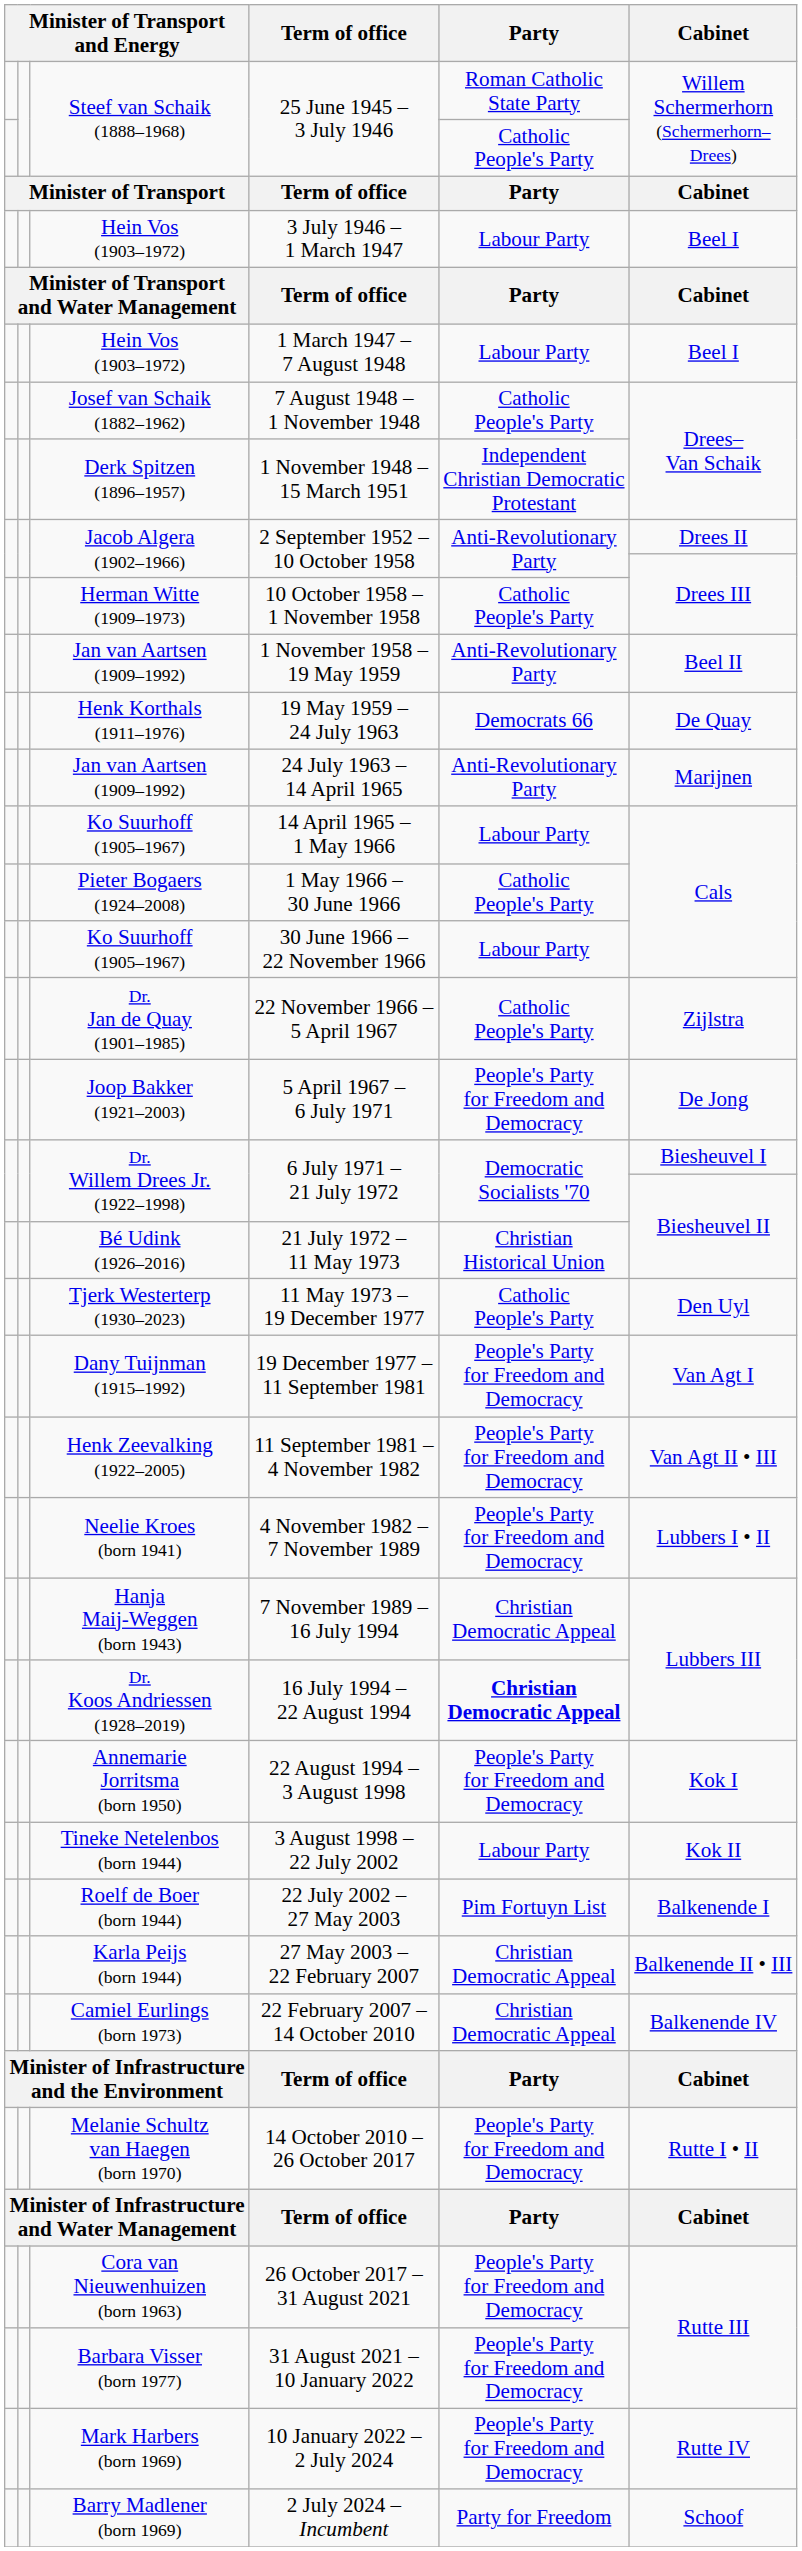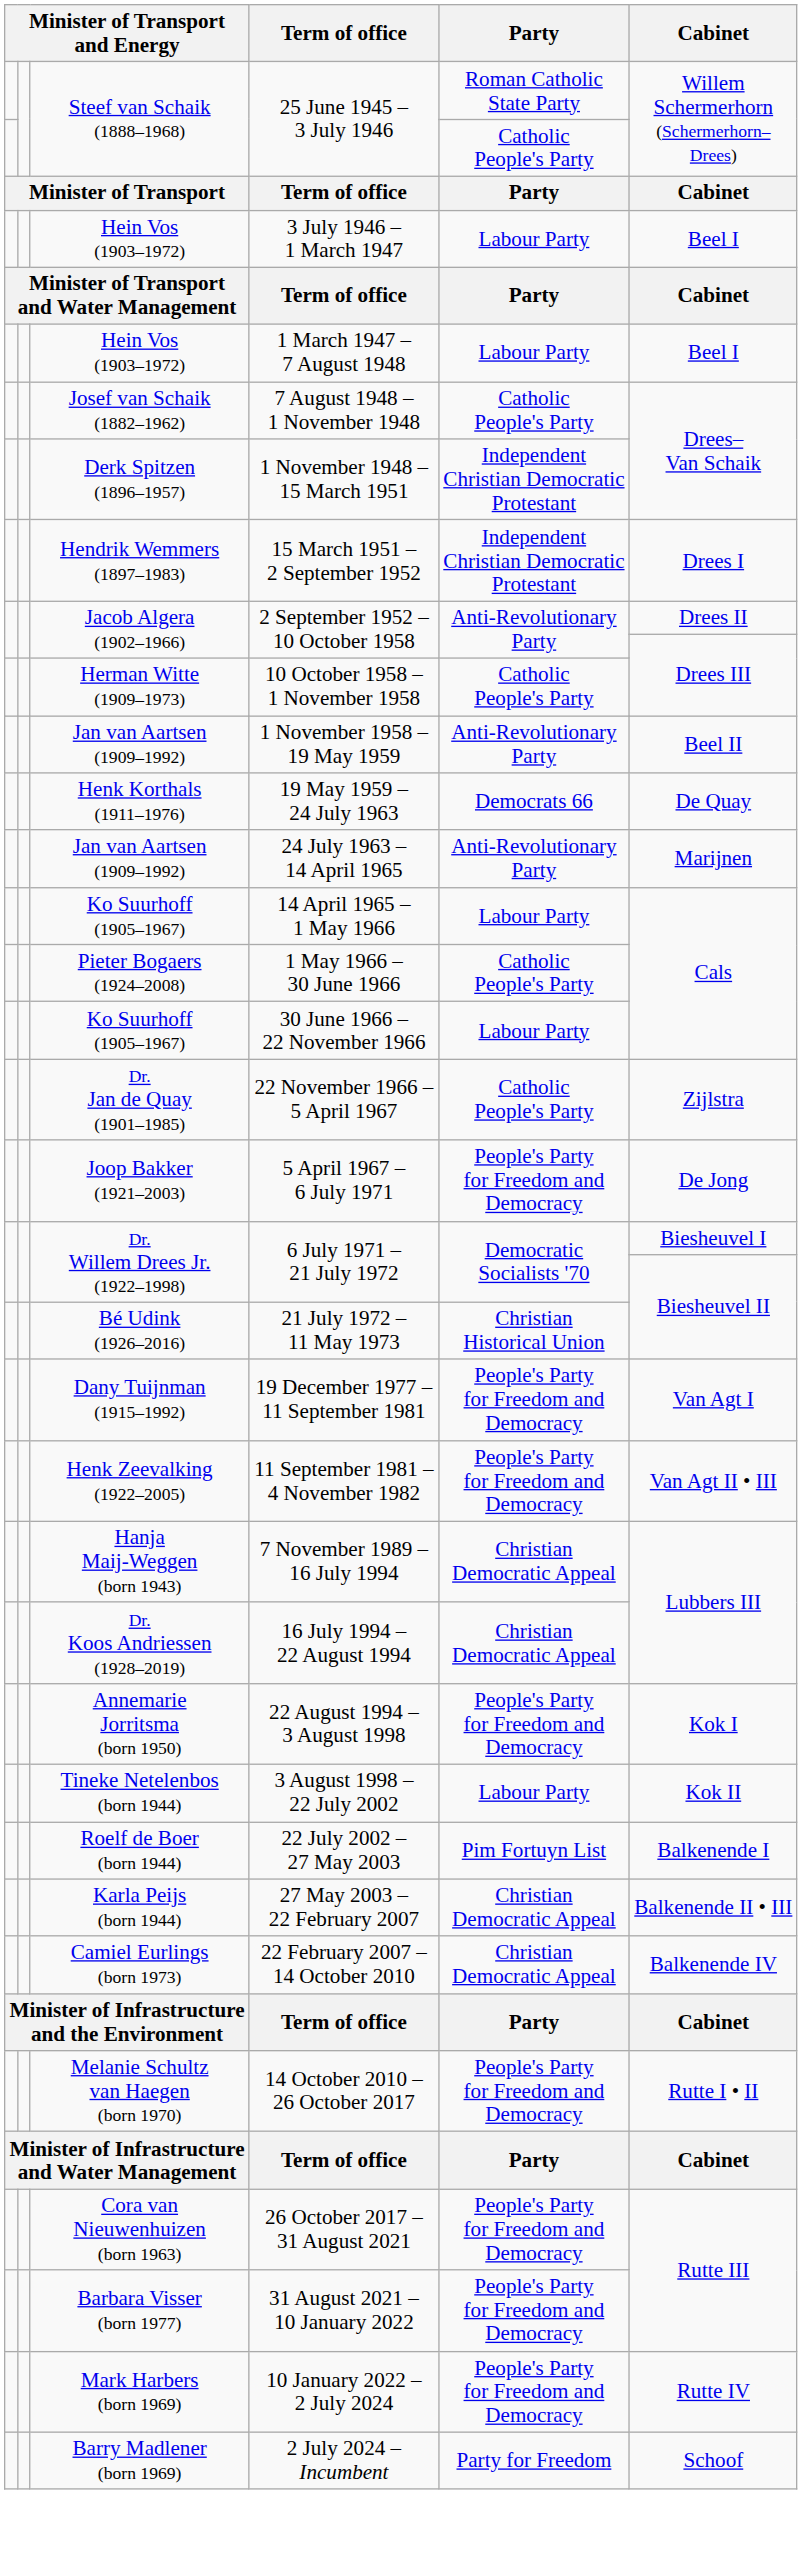 <table class="wikitable" style="text-align:center">
 <tr>
 <th colspan=3>Minister of Transport <br> and Energy</th>
 <th>Term of office</th>
 <th>Party</th>
 <th>Cabinet</th>
 </tr>
 <tr>
 <td style="background:"></td>
 <td rowspan=2></td>
 <td rowspan=2><a href='#'>Steef van Schaik</a> <br> <small>(1888–1968)</small></td>
 <td rowspan=2>25 June 1945 – <br> 3 July 1946</td>
 <td><a href='#'>Roman Catholic <br> State Party</a></td>
 <td rowspan=2><a href='#'>Willem <br> Schermerhorn</a> <br> <small>(<a href='#'>Schermerhorn–<br>Drees</a>)</small> <br></td>
 </tr>
 <tr>
 <td style="background:"></td>
 <td><a href='#'>Catholic <br> People's Party</a></td>
 </tr>
 <tr>
 <th colspan=3>Minister of Transport</th>
 <th>Term of office</th>
 <th>Party</th>
 <th>Cabinet</th>
 </tr>
 <tr>
 <td style="background:"></td>
 <td></td>
 <td><a href='#'>Hein Vos</a> <br> <small>(1903–1972)</small></td>
 <td>3 July 1946 – <br> 1 March 1947</td>
 <td><a href='#'>Labour Party</a></td>
 <td><a href='#'>Beel I</a> <br></td>
 </tr>
 <tr>
 <th colspan=3>Minister of Transport <br> and Water Management</th>
 <th>Term of office</th>
 <th>Party</th>
 <th>Cabinet</th>
 </tr>
 <tr>
 <td style="background:"></td>
 <td></td>
 <td><a href='#'>Hein Vos</a> <br> <small>(1903–1972)</small></td>
 <td>1 March 1947 – <br> 7 August 1948</td>
 <td><a href='#'>Labour Party</a></td>
 <td><a href='#'>Beel I</a> <br></td>
 </tr>
 <tr>
 <td style="background:"></td>
 <td></td>
 <td><a href='#'>Josef van Schaik</a> <br> <small>(1882–1962)</small> <br> <small></small></td>
 <td>7 August 1948 – <br> 1 November 1948 <br>  </td>
 <td><a href='#'>Catholic <br> People's Party</a></td>
 <td rowspan=2><a href='#'>Drees–<br>Van Schaik</a> <br></td>
 </tr>
 <tr>
 <td style="background:"></td>
 <td></td>
 <td><a href='#'>Derk Spitzen</a> <br> <small>(1896–1957)</small></td>
 <td>1 November 1948 – <br> 15 March 1951</td>
 <td><a href='#'>Independent</a> <br> <a href='#'>Christian Democratic <br> Protestant</a></td>
+</tr>
+<tr>
+<td style="background:"></td>
+<td></td>
+<td><a href='#'>Hendrik Wemmers</a> <br> <small>(1897–1983)</small></td>
+<td>15 March 1951 – <br> 2 September 1952</td>
+<td><a href='#'>Independent</a> <br> <a href='#'>Christian Democratic <br> Protestant</a></td>
+<td><a href='#'>Drees I</a> <br></td>
 </tr>
 <tr>
 <td rowspan=2 style="background:"></td>
 <td rowspan=2></td>
 <td rowspan=2><a href='#'>Jacob Algera</a> <br> <small>(1902–1966)</small></td>
 <td rowspan=2>2 September 1952 – <br> 10 October 1958 <br> </td>
 <td rowspan=2><a href='#'>Anti-Revolutionary <br> Party</a></td>
 <td><a href='#'>Drees II</a> <br></td>
 </tr>
 <tr>
 <td rowspan=3><a href='#'>Drees III</a> <br></td>
 </tr>
 <tr>
 <td style="background:"></td>
 <td></td>
 <td><a href='#'>Herman Witte</a> <br> <small>(1909–1973)</small></td>
 <td>10 October 1958 – <br> 1 November 1958 <br>  </td>
 <td><a href='#'>Catholic <br> People's Party</a></td>
 </tr>
 <tr>
 <td rowspan=2 style="background:"></td>
 <td rowspan=2></td>
 <td rowspan=2><a href='#'>Jan van Aartsen</a> <br> <small>(1909–1992)</small></td>
 <td rowspan=2>1 November 1958 – <br> 19 May 1959</td>
 <td rowspan=2><a href='#'>Anti-Revolutionary <br> Party</a></td>
 </tr>
 <tr>
 <td><a href='#'>Beel II</a> <br></td>
 </tr>
 <tr>
 <td style="background:"></td>
 <td></td>
 <td><a href='#'>Henk Korthals</a> <br> <small>(1911–1976)</small> <br> <small></small></td>
 <td>19 May 1959 – <br> 24 July 1963 <br> </td>
 <td><a href='#'>Democrats 66</a></td>
 <td><a href='#'>De Quay</a> <br></td>
 </tr>
 <tr>
 <td style="background:"></td>
 <td></td>
 <td><a href='#'>Jan van Aartsen</a> <br> <small>(1909–1992)</small></td>
 <td>24 July 1963 – <br> 14 April 1965</td>
 <td><a href='#'>Anti-Revolutionary <br> Party</a></td>
 <td><a href='#'>Marijnen</a> <br></td>
 </tr>
 <tr>
 <td style="background:"></td>
 <td></td>
 <td><a href='#'>Ko Suurhoff</a> <br> <small>(1905–1967)</small></td>
 <td>14 April 1965 – <br> 1 May 1966 <br> </td>
 <td><a href='#'>Labour Party</a></td>
 <td rowspan=3><a href='#'>Cals</a> <br></td>
 </tr>
 <tr>
 <td style="background:"></td>
 <td></td>
 <td><a href='#'>Pieter Bogaers</a> <br> <small>(1924–2008)</small></td>
 <td>1 May 1966 – <br> 30 June 1966 <br>  </td>
 <td><a href='#'>Catholic <br> People's Party</a></td>
 </tr>
 <tr>
 <td style="background:"></td>
 <td></td>
 <td><a href='#'>Ko Suurhoff</a> <br> <small>(1905–1967)</small></td>
 <td>30 June 1966 – <br> 22 November 1966</td>
 <td><a href='#'>Labour Party</a></td>
 </tr>
 <tr>
 <td style="background:"></td>
 <td></td>
 <td><small><a href='#'>Dr.</a></small> <br> <a href='#'>Jan de Quay</a> <br> <small>(1901–1985)</small> <br> <small></small></td>
 <td>22 November 1966 – <br> 5 April 1967</td>
 <td><a href='#'>Catholic <br> People's Party</a></td>
 <td><a href='#'>Zijlstra</a> <br></td>
 </tr>
 <tr>
 <td style="background:"></td>
 <td></td>
 <td><a href='#'>Joop Bakker</a> <br> <small>(1921–2003)</small> <br> <small></small></td>
 <td>5 April 1967 – <br> 6 July 1971 <br> </td>
 <td><a href='#'>People's Party <br> for Freedom and <br> Democracy</a></td>
 <td><a href='#'>De Jong</a> <br></td>
 </tr>
 <tr>
 <td rowspan=2 style="background:"></td>
 <td rowspan=2></td>
 <td rowspan=2><small><a href='#'>Dr.</a></small> <br> <a href='#'>Willem Drees Jr.</a> <br> <small>(1922–1998)</small></td>
 <td rowspan=2>6 July 1971 – <br> 21 July 1972 <br> </td>
 <td rowspan=2><a href='#'>Democratic <br> Socialists '70</a></td>
 <td><a href='#'>Biesheuvel I</a> <br></td>
 </tr>
 <tr>
 <td rowspan=2><a href='#'>Biesheuvel II</a> <br></td>
 </tr>
 <tr>
 <td style="background:"></td>
 <td></td>
 <td><a href='#'>Bé Udink</a> <br> <small>(1926–2016)</small></td>
 <td>21 July 1972 – <br> 11 May 1973 <br> </td>
 <td><a href='#'>Christian <br> Historical Union</a></td>
 </tr>
 <tr>
 <td style="background:"></td>
 <td></td>
-<td><a href='#'>Tjerk Westerterp</a> <br> <small>(1930–2023)</small></td>
-<td>11 May 1973 – <br> 19 December 1977</td>
-<td><a href='#'>Catholic <br> People's Party</a></td>
-<td><a href='#'>Den Uyl</a> <br></td>
-</tr>
-<tr>
-<td style="background:"></td>
-<td></td>
 <td><a href='#'>Dany Tuijnman</a> <br> <small>(1915–1992)</small></td>
 <td>19 December 1977 – <br> 11 September 1981</td>
 <td><a href='#'>People's Party <br> for Freedom and <br> Democracy</a></td>
 <td><a href='#'>Van Agt I</a> <br></td>
 </tr>
 <tr>
 <td style="background:"></td>
 <td></td>
 <td><a href='#'>Henk Zeevalking</a> <br> <small>(1922–2005)</small></td>
 <td>11 September 1981 – <br> 4 November 1982</td>
 <td><a href='#'>People's Party <br> for Freedom and <br> Democracy</a></td>
 <td><a href='#'>Van Agt II</a> • <a href='#'>III</a> <br></td>
 </tr>
 <tr>
 <td style="background:"></td>
 <td></td>
-<td><a href='#'>Neelie Kroes</a> <br> <small>(born 1941)</small></td>
-<td>4 November 1982 – <br> 7 November 1989</td>
-<td><a href='#'>People's Party <br> for Freedom and <br> Democracy</a></td>
-<td><a href='#'>Lubbers I</a> • <a href='#'>II</a> <br></td>
-</tr>
-<tr>
-<td style="background:"></td>
-<td></td>
 <td><a href='#'>Hanja <br> Maij-Weggen</a> <br> <small>(born 1943)</small></td>
 <td>7 November 1989 – <br> 16 July 1994 <br> </td>
 <td><a href='#'>Christian <br> Democratic Appeal</a></td>
 <td rowspan=2><a href='#'>Lubbers III</a> <br></td>
 </tr>
 <tr>
 <td style="background:"></td>
 <td></td>
 <td><small><a href='#'>Dr.</a></small> <br> <a href='#'>Koos Andriessen</a> <br> <small>(1928–2019)</small></td>
 <td>16 July 1994 – <br> 22 August 1994 <br>  </td>
-<td><strong><a href='#'>Christian <br> Democratic Appeal</a></strong></td>
+<td><a href='#'>Christian <br> Democratic Appeal</a></td>
 </tr>
 <tr>
 <td style="background:"></td>
 <td></td>
 <td><a href='#'>Annemarie <br> Jorritsma</a> <br> <small>(born 1950)</small></td>
 <td>22 August 1994 – <br> 3 August 1998</td>
 <td><a href='#'>People's Party <br> for Freedom and <br> Democracy</a></td>
 <td><a href='#'>Kok I</a> <br></td>
 </tr>
 <tr>
 <td style="background:"></td>
 <td></td>
 <td><a href='#'>Tineke Netelenbos</a> <br> <small>(born 1944)</small></td>
 <td>3 August 1998 – <br> 22 July 2002</td>
 <td><a href='#'>Labour Party</a></td>
 <td><a href='#'>Kok II</a> <br></td>
 </tr>
 <tr>
 <td style="background:"></td>
 <td></td>
 <td><a href='#'>Roelf de Boer</a> <br> <small>(born 1944)</small> <br> <small></small></td>
 <td>22 July 2002 – <br> 27 May 2003</td>
 <td><a href='#'>Pim Fortuyn List</a></td>
 <td><a href='#'>Balkenende I</a> <br></td>
 </tr>
 <tr>
 <td style="background:"></td>
 <td></td>
 <td><a href='#'>Karla Peijs</a> <br> <small>(born 1944)</small></td>
 <td>27 May 2003 – <br> 22 February 2007</td>
 <td><a href='#'>Christian <br> Democratic Appeal</a></td>
 <td><a href='#'>Balkenende II</a> • <a href='#'>III</a> <br></td>
 </tr>
 <tr>
 <td style="background:"></td>
 <td></td>
 <td><a href='#'>Camiel Eurlings</a> <br> <small>(born 1973)</small></td>
 <td>22 February 2007 – <br> 14 October 2010</td>
 <td><a href='#'>Christian <br> Democratic Appeal</a></td>
 <td><a href='#'>Balkenende IV</a> <br></td>
 </tr>
 <tr>
 <th colspan=3>Minister of Infrastructure <br> and the Environment</th>
 <th>Term of office</th>
 <th>Party</th>
 <th>Cabinet</th>
 </tr>
 <tr>
 <td style="background:"></td>
 <td></td>
 <td><a href='#'>Melanie Schultz <br> van Haegen</a> <br> <small>(born 1970)</small></td>
 <td>14 October 2010 – <br> 26 October 2017</td>
 <td><a href='#'>People's Party <br> for Freedom and <br> Democracy</a></td>
 <td><a href='#'>Rutte I</a> • <a href='#'>II</a> <br></td>
 </tr>
 <tr>
 <th colspan=3>Minister of Infrastructure <br> and Water Management</th>
 <th>Term of office</th>
 <th>Party</th>
 <th>Cabinet</th>
 </tr>
 <tr>
 <td style="background:"></td>
 <td></td>
 <td><a href='#'>Cora van <br> Nieuwenhuizen</a> <br> <small>(born 1963)</small></td>
 <td>26 October 2017 – <br> 31 August 2021 <br> </td>
 <td><a href='#'>People's Party <br> for Freedom and <br> Democracy</a></td>
 <td rowspan=2><a href='#'>Rutte III</a> <br></td>
 </tr>
 <tr>
 <td style="background:"></td>
 <td></td>
 <td><a href='#'>Barbara Visser</a> <br> <small>(born 1977)</small></td>
 <td>31 August 2021 – <br> 10 January 2022</td>
 <td><a href='#'>People's Party <br> for Freedom and <br> Democracy</a></td>
 </tr>
 <tr>
 <td style="background:"></td>
 <td></td>
 <td><a href='#'>Mark Harbers</a> <br> <small>(born 1969)</small></td>
 <td>10 January 2022 – <br> 2 July 2024</td>
 <td><a href='#'>People's Party <br> for Freedom and <br> Democracy</a></td>
 <td><a href='#'>Rutte IV</a> <br></td>
 </tr>
 <tr>
 <td style="background:"></td>
 <td></td>
 <td><a href='#'>Barry Madlener</a> <br> <small>(born 1969)</small></td>
 <td>2 July 2024 – <br> <em>Incumbent</em></td>
 <td><a href='#'>Party for Freedom</a></td>
 <td><a href='#'>Schoof</a> <br></td>
 </tr>
 </table>
